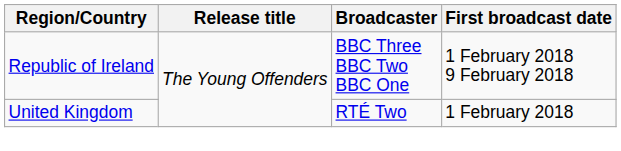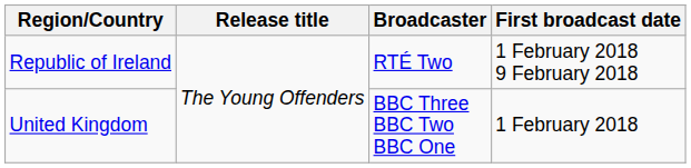 <table class="wikitable sortable plainrowheaders">
 <tr>
 <th scope=col>Region/Country</th>
 <th scope=col>Release title</th>
 <th scope=col>Broadcaster</th>
 <th scope=col>First broadcast date</th>
 </tr>
 <tr>
 <td> <a href='#'>Republic of Ireland</a></td>
 <td rowspan=2><em>The Young Offenders</em></td>
-<td><a href='#'>BBC Three</a><br><a href='#'>BBC Two</a><br><a href='#'>BBC One</a></td>
+<td><a href='#'>RTÉ Two</a></td>
 <td>1 February 2018 <br>9 February 2018 </td>
 </tr>
 <tr>
 <td> <a href='#'>United Kingdom</a></td>
-<td><a href='#'>RTÉ Two</a></td>
+<td><a href='#'>BBC Three</a><br><a href='#'>BBC Two</a><br><a href='#'>BBC One</a></td>
 <td>1 February 2018</td>
 </tr>
 </table>
